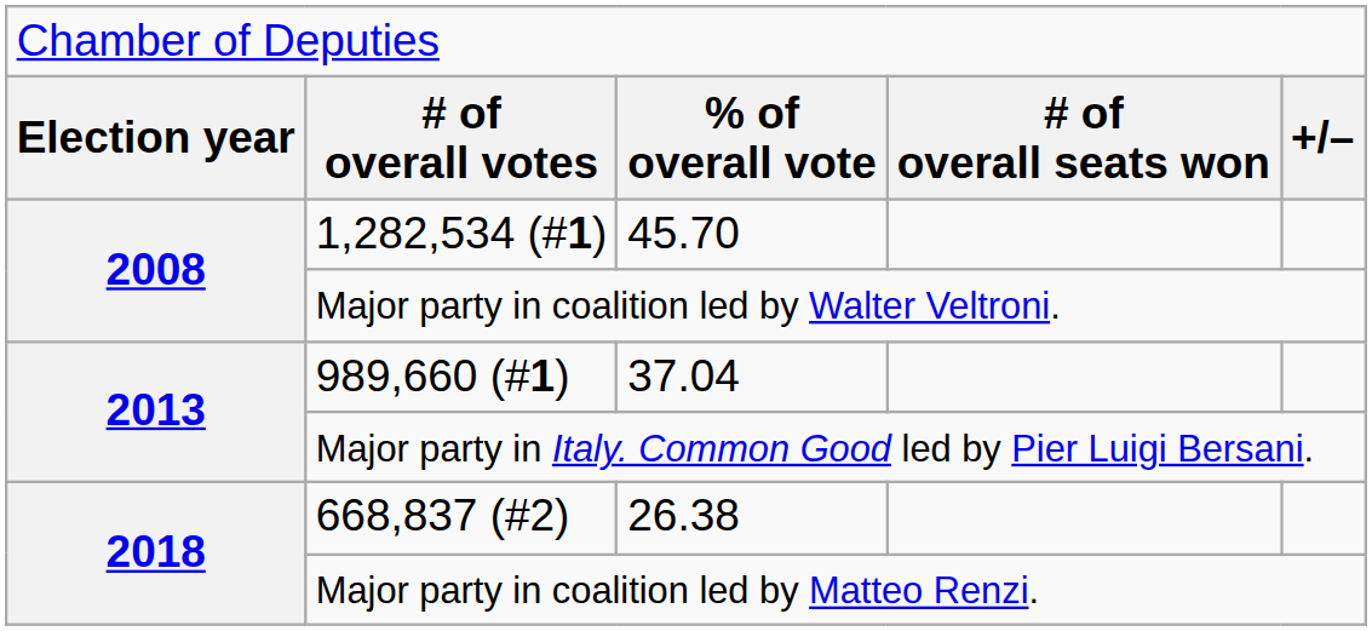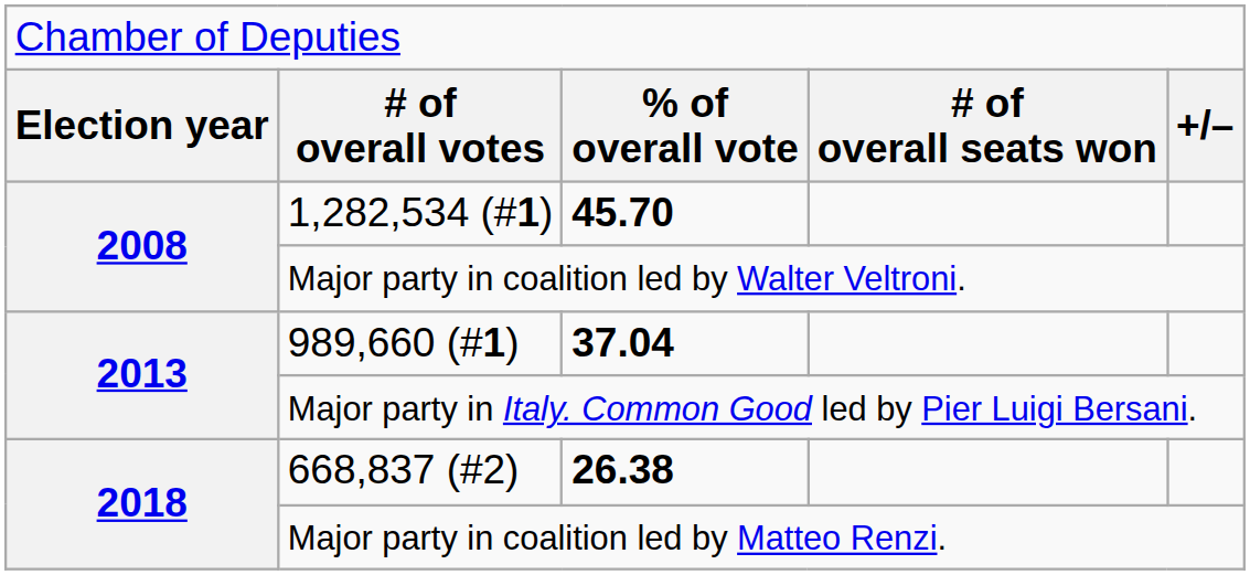 <table class=wikitable>
 <tr>
 <td colspan=6><a href='#'>Chamber of Deputies</a></td>
 </tr>
 <tr>
 <th>Election year</th>
 <th># of<br>overall votes</th>
 <th>% of<br>overall vote</th>
 <th># of<br>overall seats won</th>
 <th>+/–</th>
 </tr>
 <tr>
 <th rowspan=2><a href='#'>2008</a></th>
 <td>1,282,534 (#<strong>1</strong>)</td>
-<td>45.70</td>
+<td><strong>45.70</strong></td>
 <td></td>
 <td></td>
 </tr>
 <tr>
 <td colspan=6><small>Major party in coalition led by <a href='#'>Walter Veltroni</a>.</small></td>
 </tr>
 <tr>
 <th rowspan=2><a href='#'>2013</a></th>
 <td>989,660 (#<strong>1</strong>)</td>
-<td>37.04</td>
+<td><strong>37.04</strong></td>
 <td></td>
 <td></td>
 </tr>
 <tr>
 <td colspan=6><small>Major party in <em><a href='#'>Italy. Common Good</a></em> led by <a href='#'>Pier Luigi Bersani</a>.</small></td>
 </tr>
 <tr>
 <th rowspan=2><a href='#'>2018</a></th>
 <td>668,837 (#2)</td>
-<td>26.38</td>
+<td><strong>26.38</strong></td>
 <td></td>
 <td></td>
 </tr>
 <tr>
 <td colspan=6><small>Major party in coalition led by <a href='#'>Matteo Renzi</a>.</small></td>
 </tr>
 </table>
